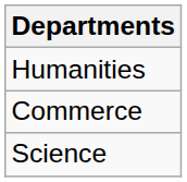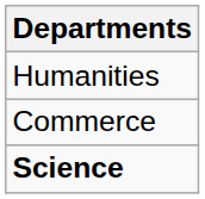 <table class="wikitable">
 <tr>
 <th>Departments</th>
 </tr>
 <tr>
 <td>Humanities</td>
 </tr>
 <tr>
 <td>Commerce</td>
 </tr>
 <tr>
-<td>Science</td>
+<td><strong>Science</strong></td>
 </tr>
 </table>
